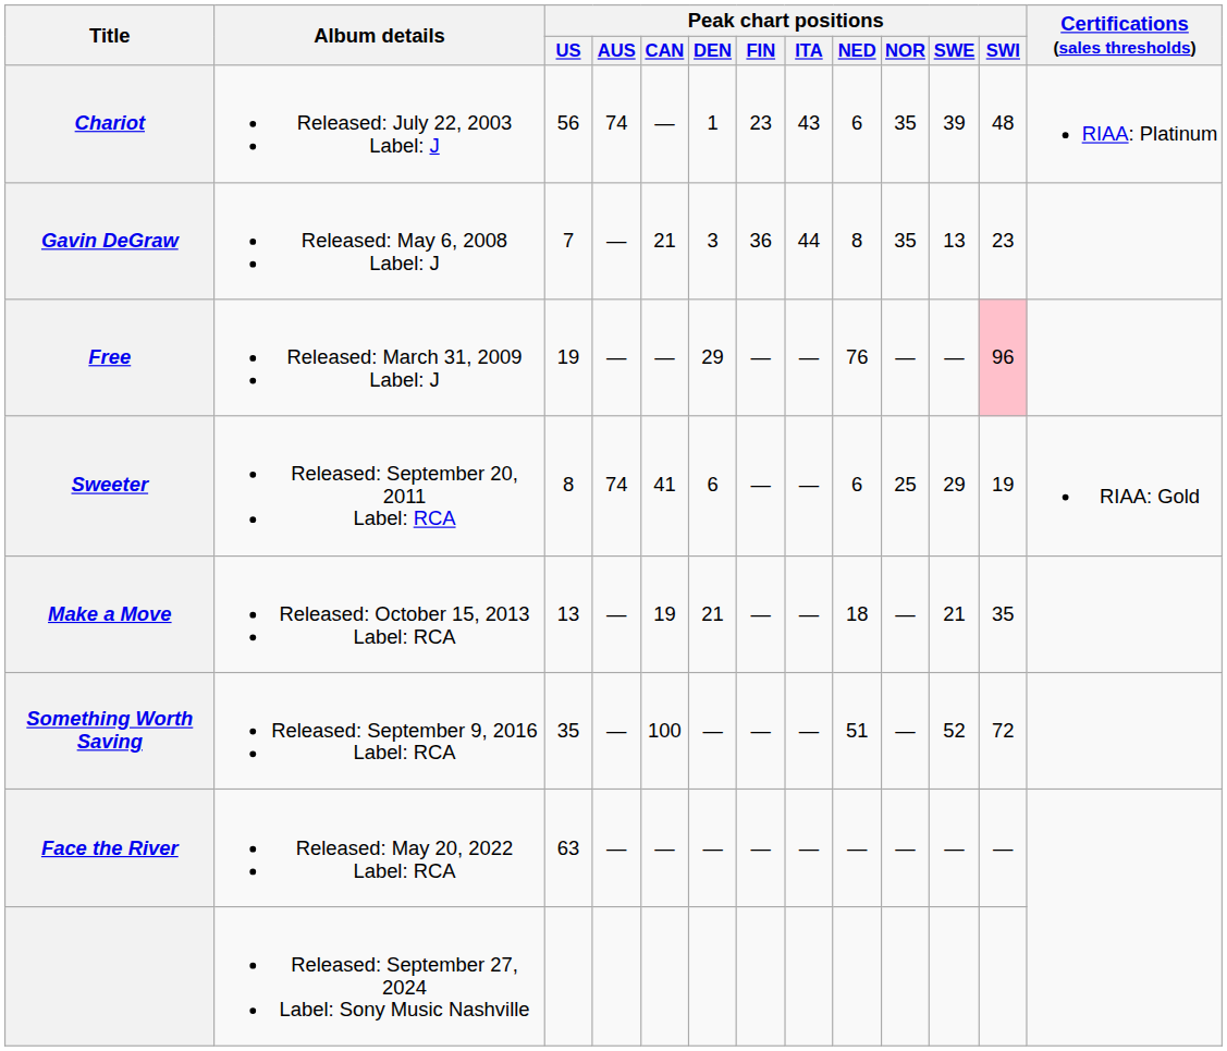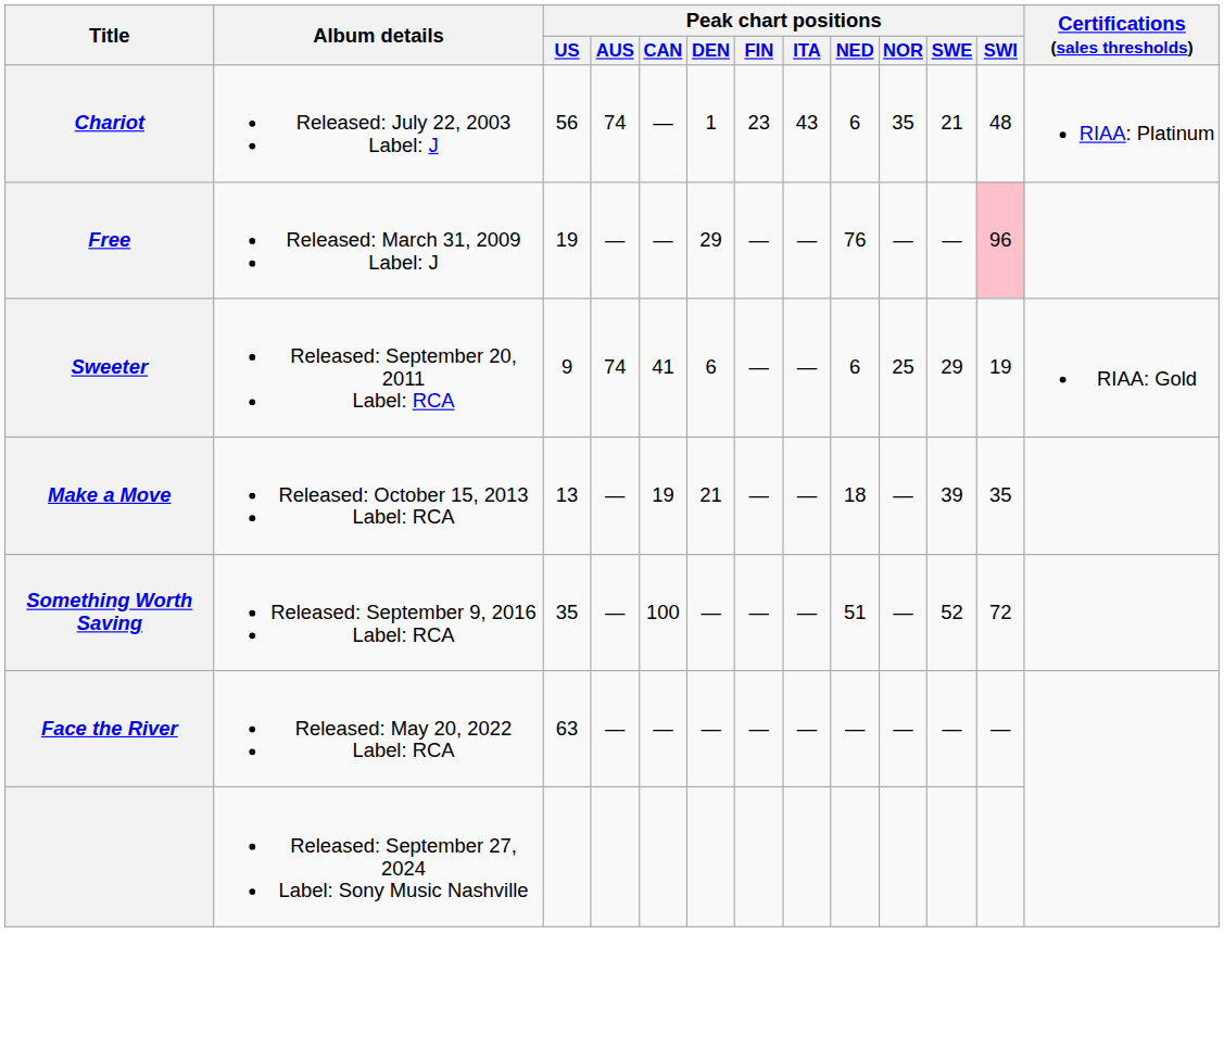 <table class="wikitable plainrowheaders" style="text-align:center;">
 <tr>
 <th scope="col" rowspan="2" style="width:10em;">Title</th>
 <th scope="col" rowspan="2" style="width:16em;">Album details</th>
 <th scope="col" colspan="10">Peak chart positions</th>
 <th scope="col" rowspan="2"><a href='#'>Certifications</a><br><small>(<a href='#'>sales thresholds</a>)</small></th>
 </tr>
 <tr>
 <th scope="col" style="width:2.2em;font-size:90%;"><a href='#'>US</a><br></th>
 <th scope="col" style="width:2.2em;font-size:90%;"><a href='#'>AUS</a><br></th>
 <th scope="col" style="width:2.2em;font-size:90%;"><a href='#'>CAN</a><br></th>
 <th scope="col" style="width:2.2em;font-size:90%;"><a href='#'>DEN</a><br></th>
 <th scope="col" style="width:2.2em;font-size:90%;"><a href='#'>FIN</a><br></th>
 <th scope="col" style="width:2.2em;font-size:90%;"><a href='#'>ITA</a><br></th>
 <th scope="col" style="width:2.2em;font-size:90%;"><a href='#'>NED</a><br></th>
 <th scope="col" style="width:2.2em;font-size:90%;"><a href='#'>NOR</a><br></th>
 <th scope="col" style="width:2.2em;font-size:90%;"><a href='#'>SWE</a><br></th>
 <th scope="col" style="width:2.2em;font-size:90%;"><a href='#'>SWI</a><br></th>
 </tr>
 <tr>
 <th scope="row"><em><a href='#'>Chariot</a></em></th>
 <td><br><ul><li>Released: July 22, 2003</li><li>Label: <a href='#'>J</a></li></ul></td>
 <td>56</td>
 <td>74</td>
 <td>—</td>
 <td>1</td>
 <td>23</td>
 <td>43</td>
 <td>6</td>
 <td>35</td>
-<td>39</td>
+<td>21</td>
 <td>48</td>
 <td><br><ul><li><a href='#'>RIAA</a>: Platinum</li></ul></td>
-</tr>
-<tr>
-<th scope="row"><em><a href='#'>Gavin DeGraw</a></em></th>
-<td><br><ul><li>Released: May 6, 2008</li><li>Label: J</li></ul></td>
-<td>7</td>
-<td>—</td>
-<td>21</td>
-<td>3</td>
-<td>36</td>
-<td>44</td>
-<td>8</td>
-<td>35</td>
-<td>13</td>
-<td>23</td>
-<td></td>
 </tr>
 <tr>
 <th scope="row"><em><a href='#'>Free</a></em></th>
 <td><br><ul><li>Released: March 31, 2009</li><li>Label: J</li></ul></td>
 <td>19</td>
 <td>—</td>
 <td>—</td>
 <td>29</td>
 <td>—</td>
 <td>—</td>
 <td>76</td>
 <td>—</td>
 <td>—</td>
 <td style="background: pink;">96</td>
 <td></td>
 </tr>
 <tr>
 <th scope="row"><em><a href='#'>Sweeter</a></em></th>
 <td><br><ul><li>Released: September 20, 2011</li><li>Label: <a href='#'>RCA</a></li></ul></td>
-<td>8</td>
+<td>9</td>
 <td>74</td>
 <td>41</td>
 <td>6</td>
 <td>—</td>
 <td>—</td>
 <td>6</td>
 <td>25</td>
 <td>29</td>
 <td>19</td>
 <td><br><ul><li>RIAA: Gold</li></ul></td>
 </tr>
 <tr>
 <th scope="row"><em><a href='#'>Make a Move</a></em></th>
 <td><br><ul><li>Released: October 15, 2013</li><li>Label: RCA</li></ul></td>
 <td>13</td>
 <td>—</td>
 <td>19</td>
 <td>21</td>
 <td>—</td>
 <td>—</td>
 <td>18</td>
 <td>—</td>
-<td>21</td>
+<td>39</td>
 <td>35</td>
 <td></td>
 </tr>
 <tr>
 <th scope="row"><em><a href='#'>Something Worth Saving</a></em></th>
 <td><br><ul><li>Released: September 9, 2016</li><li>Label: RCA</li></ul></td>
 <td>35</td>
 <td>—</td>
 <td>100</td>
 <td>—</td>
 <td>—</td>
 <td>—</td>
 <td>51</td>
 <td>—</td>
 <td>52</td>
 <td>72</td>
 <td></td>
 </tr>
 <tr>
 <th scope="row"><em><a href='#'>Face the River</a></em></th>
 <td><br><ul><li>Released: May 20, 2022</li><li>Label: RCA</li></ul></td>
 <td>63</td>
 <td>—</td>
 <td>—</td>
 <td>—</td>
 <td>—</td>
 <td>—</td>
 <td>—</td>
 <td>—</td>
 <td>—</td>
 <td>—</td>
 </tr>
 <tr>
 <th><strong></strong></th>
 <td><br><ul><li>Released: September 27, 2024</li><li>Label: Sony Music Nashville</li></ul></td>
 <td></td>
 <td></td>
 <td></td>
 <td></td>
 <td></td>
 <td></td>
 <td></td>
 <td></td>
 <td></td>
 <td></td>
 </tr>
 </table>
